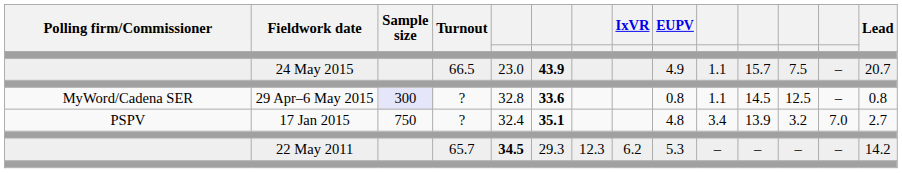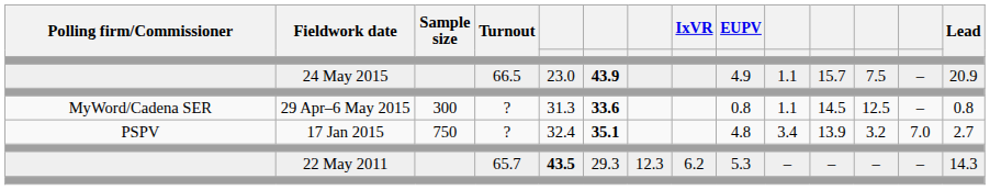 <table class="wikitable collapsible collapsed" style="text-align:center; font-size:95%; line-height:16px;">
 <tr style="height:42px;">
 <th style="width:250px;" rowspan="2">Polling firm/Commissioner</th>
 <th style="width:125px;" rowspan="2">Fieldwork date</th>
 <th style="width:50px;" rowspan="2">Sample size</th>
 <th style="width:45px;" rowspan="2">Turnout</th>
 <th style="width:35px;"></th>
 <th style="width:35px;"></th>
 <th style="width:35px;"></th>
 <th style="width:35px;"><a href='#'>IxVR</a></th>
 <th style="width:35px; font-size:95%;"><a href='#'>EUPV</a></th>
 <th style="width:35px;"></th>
 <th style="width:35px;"></th>
 <th style="width:35px;"></th>
 <th style="width:35px;"></th>
 <th style="width:30px;" rowspan="2">Lead</th>
 </tr>
 <tr>
 <th style="color:inherit;background:"></th>
 <th style="color:inherit;background:"></th>
 <th style="color:inherit;background:"></th>
 <th style="color:inherit;background:"></th>
 <th style="color:inherit;background:"></th>
 <th style="color:inherit;background:"></th>
 <th style="color:inherit;background:"></th>
 <th style="color:inherit;background:"></th>
 <th style="color:inherit;background:"></th>
 </tr>
 <tr>
 <td colspan="14" style="background:#A0A0A0"></td>
 </tr>
 <tr style="background:#EFEFEF;">
 <td><strong></strong></td>
 <td>24 May 2015</td>
 <td></td>
 <td>66.5</td>
 <td>23.0<br></td>
 <td><strong>43.9</strong><br></td>
 <td></td>
 <td></td>
 <td>4.9<br></td>
 <td>1.1<br></td>
 <td>15.7<br></td>
 <td>7.5<br></td>
 <td>–</td>
-<td style="background:">20.7</td>
+<td style="background:">20.9</td>
 </tr>
 <tr>
 <td colspan="14" style="background:#A0A0A0"></td>
 </tr>
 <tr>
 <td>MyWord/Cadena SER</td>
 <td>29 Apr–6 May 2015</td>
-<td style="background: lavender;">300</td>
+<td>300</td>
 <td>?</td>
-<td>32.8<br></td>
+<td>31.3<br></td>
 <td><strong>33.6</strong><br></td>
 <td></td>
 <td></td>
 <td>0.8<br></td>
 <td>1.1<br></td>
 <td>14.5<br></td>
 <td>12.5<br></td>
 <td>–</td>
 <td style="background:">0.8</td>
 </tr>
 <tr>
 <td>PSPV</td>
 <td>17 Jan 2015</td>
 <td>750</td>
 <td>?</td>
 <td>32.4<br></td>
 <td><strong>35.1</strong><br></td>
 <td></td>
 <td></td>
 <td>4.8<br></td>
 <td>3.4<br></td>
 <td>13.9<br></td>
 <td>3.2<br></td>
 <td>7.0<br></td>
 <td style="background:">2.7</td>
 </tr>
 <tr>
 <td colspan="14" style="background:#A0A0A0"></td>
 </tr>
 <tr style="background:#EFEFEF;">
 <td><strong></strong></td>
 <td>22 May 2011</td>
 <td></td>
 <td>65.7</td>
-<td><strong>34.5</strong><br></td>
+<td><strong>43.5</strong><br></td>
 <td>29.3<br></td>
 <td>12.3<br></td>
 <td>6.2<br></td>
 <td>5.3<br></td>
 <td>–</td>
 <td>–</td>
 <td>–</td>
 <td>–</td>
-<td style="background:">14.2</td>
+<td style="background:">14.3</td>
 </tr>
 <tr>
 <td colspan="14" style="background:#A0A0A0"></td>
 </tr>
 </table>
